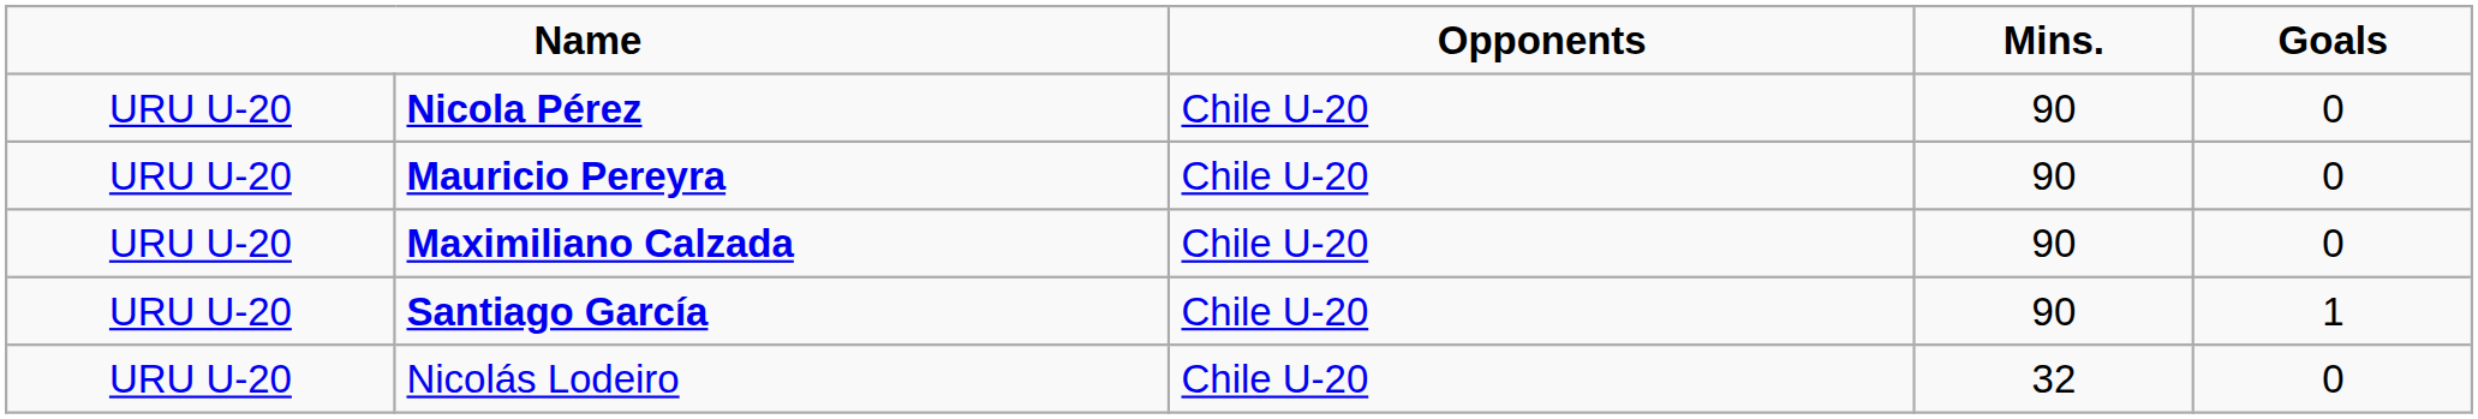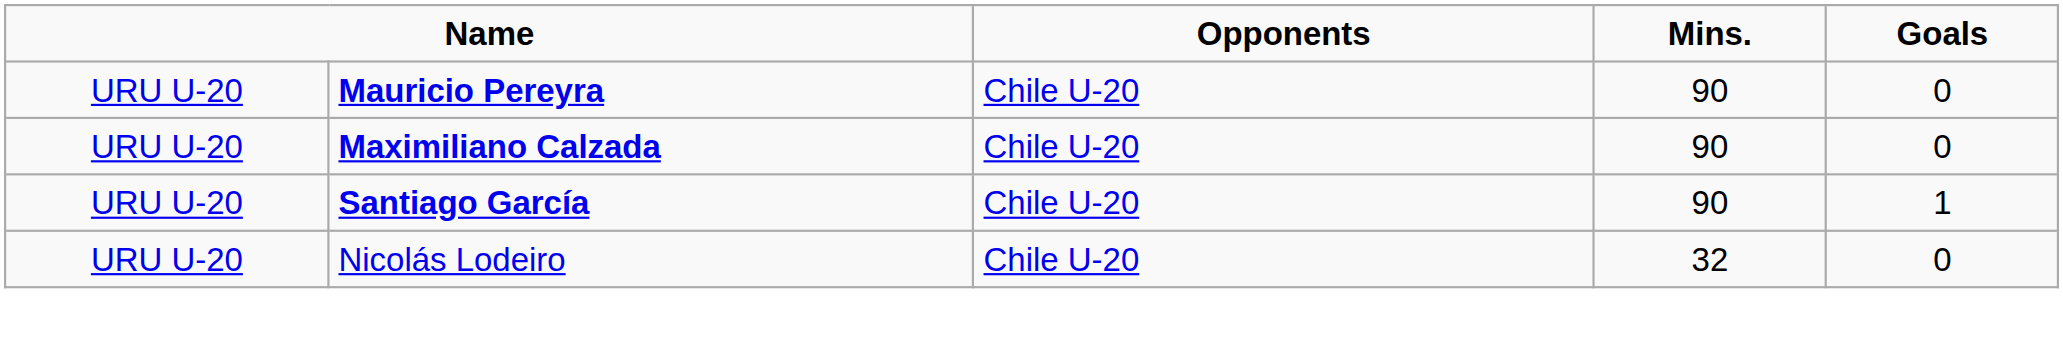 <table class= width=90% border="2" cellpadding="4" cellspacing="0" style="text-align=center: 1em 1em 1em 0; background: #f9f9f9; border: 1px #aaa solid; border-collapse: collapse; font-size: 95%;">
 <tr>
 <th width=25% colspan=2>Name</th>
 <th width=16%>Opponents</th>
 <th width=6%>Mins.</th>
 <th width=6%>Goals</th>
-</tr>
-<tr>
-<td align=center> <a href='#'>URU U-20</a></td>
-<td><strong><a href='#'>Nicola Pérez</a></strong></td>
-<td> <a href='#'>Chile U-20</a></td>
-<td align=center>90</td>
-<td align=center>0</td>
 </tr>
 <tr>
 <td align=center> <a href='#'>URU U-20</a></td>
 <td><strong><a href='#'>Mauricio Pereyra</a></strong></td>
 <td> <a href='#'>Chile U-20</a></td>
 <td align=center>90</td>
 <td align=center>0</td>
 </tr>
 <tr>
 <td align=center> <a href='#'>URU U-20</a></td>
 <td><strong><a href='#'>Maximiliano Calzada</a></strong></td>
 <td> <a href='#'>Chile U-20</a></td>
 <td align=center>90</td>
 <td align=center>0</td>
 </tr>
 <tr>
 <td align=center> <a href='#'>URU U-20</a></td>
 <td><strong><a href='#'>Santiago García</a></strong></td>
 <td> <a href='#'>Chile U-20</a></td>
 <td align=center>90</td>
 <td align=center>1</td>
 </tr>
 <tr>
 <td align=center> <a href='#'>URU U-20</a></td>
 <td><a href='#'>Nicolás Lodeiro</a></td>
 <td> <a href='#'>Chile U-20</a></td>
 <td align=center>32</td>
 <td align=center>0</td>
 </tr>
 </table>
